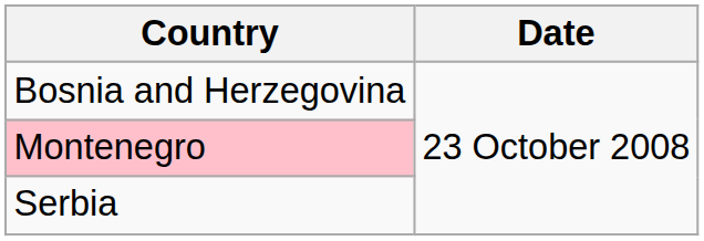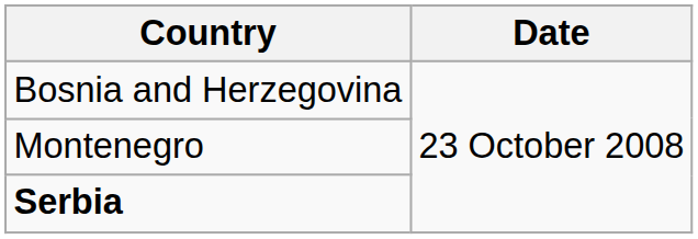 <table class="wikitable">
 <tr>
 <th>Country</th>
 <th>Date</th>
 </tr>
 <tr>
 <td>Bosnia and Herzegovina</td>
 <td rowspan="3">23 October 2008</td>
 </tr>
 <tr>
-<td style="background: pink;">Montenegro</td>
+<td>Montenegro</td>
 </tr>
 <tr>
-<td>Serbia</td>
+<td><strong>Serbia</strong></td>
 </tr>
 </table>
